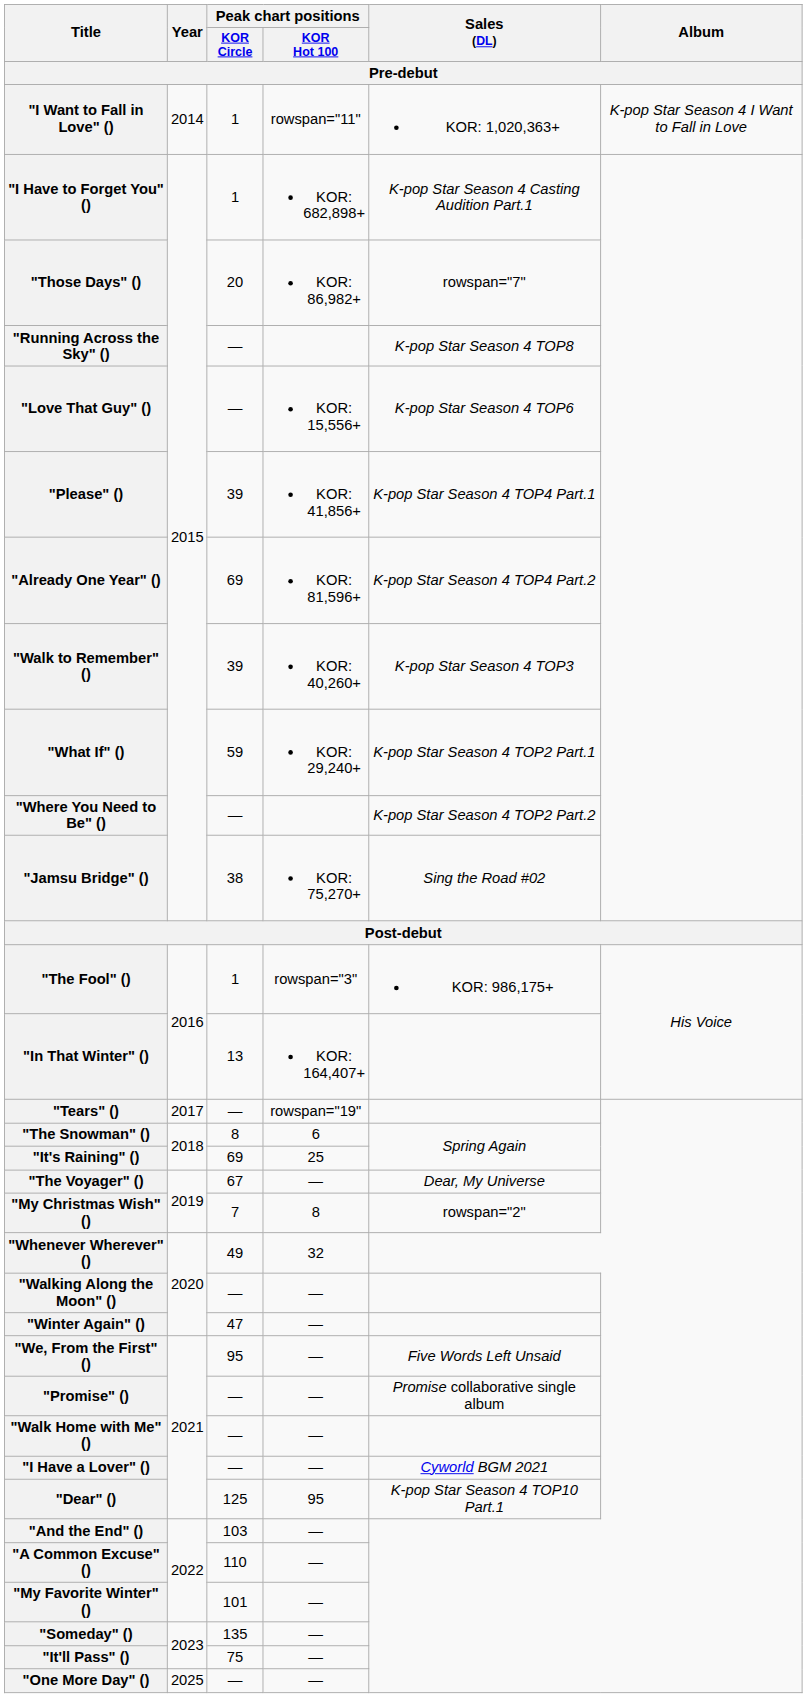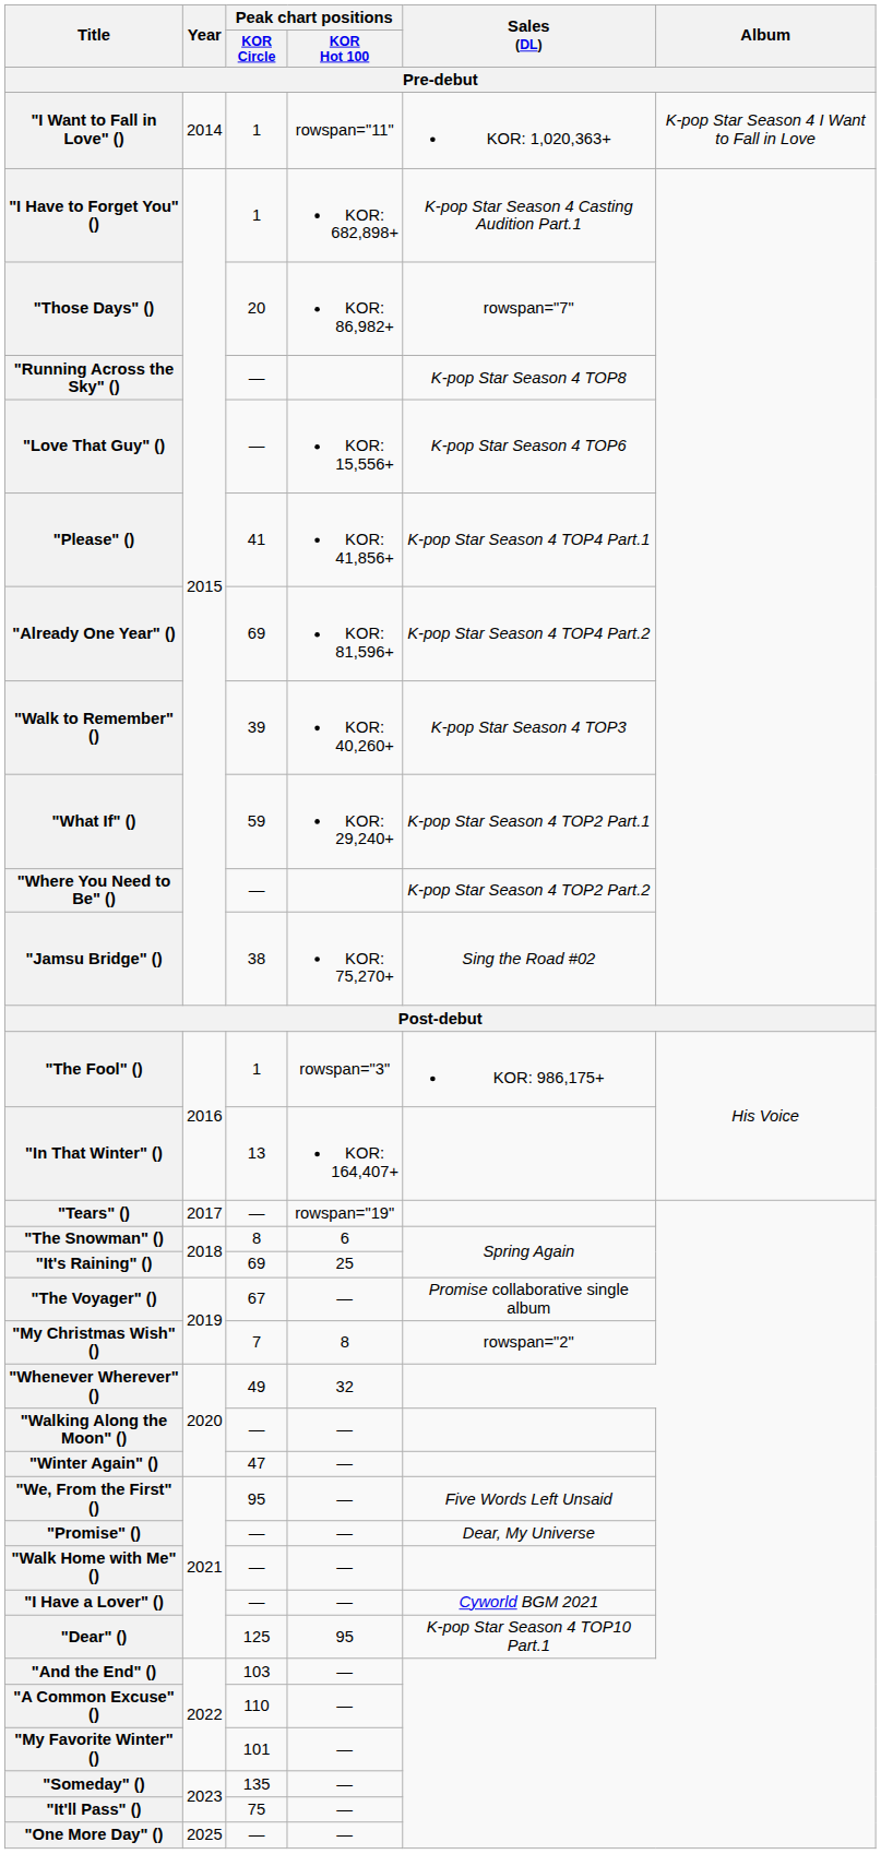 <table class="wikitable plainrowheaders" style="text-align:center;">
 <tr>
 <th scope="col" rowspan="2">Title</th>
 <th scope="col" rowspan="2">Year</th>
 <th scope="col" colspan="2" style="width:8em;">Peak chart positions</th>
 <th scope="col" rowspan="2">Sales<br><small>(<a href='#'>DL</a>)</small></th>
 <th scope="col" rowspan="2">Album</th>
 </tr>
 <tr>
 <th scope="col" style="width:4em;font-size:85%;"><a href='#'>KOR<br>Circle</a><br></th>
 <th scope="col" style="width:4em;font-size:85%;"><a href='#'>KOR<br>Hot 100</a><br></th>
 </tr>
 <tr>
 <th colspan="9">Pre-debut</th>
 </tr>
 <tr>
 <th scope="row">"I Want to Fall in Love" ()</th>
 <td>2014</td>
 <td>1</td>
 <td>rowspan="11" </td>
 <td><br><ul><li>KOR: 1,020,363+</li></ul></td>
 <td><em>K-pop Star Season 4 I Want to Fall in Love</em></td>
 </tr>
 <tr>
 <th scope="row">"I Have to Forget You" ()<br></th>
 <td rowspan="10">2015</td>
 <td>1</td>
 <td><br><ul><li>KOR: 682,898+</li></ul></td>
 <td><em>K-pop Star Season 4 Casting Audition Part.1</em></td>
 </tr>
 <tr>
 <th scope="row">"Those Days" ()</th>
 <td>20</td>
 <td><br><ul><li>KOR: 86,982+</li></ul></td>
 <td>rowspan="7" </td>
 </tr>
 <tr>
 <th scope="row">"Running Across the Sky" ()</th>
 <td>—</td>
 <td></td>
 <td><em>K-pop Star Season 4 TOP8</em></td>
 </tr>
 <tr>
 <th scope="row">"Love That Guy" ()</th>
 <td>—</td>
 <td><br><ul><li>KOR: 15,556+</li></ul></td>
 <td><em>K-pop Star Season 4 TOP6</em></td>
 </tr>
 <tr>
 <th scope="row">"Please" ()</th>
-<td>39</td>
+<td>41</td>
 <td><br><ul><li>KOR: 41,856+</li></ul></td>
 <td><em>K-pop Star Season 4 TOP4 Part.1</em></td>
 </tr>
 <tr>
 <th scope="row">"Already One Year" () </th>
 <td>69</td>
 <td><br><ul><li>KOR: 81,596+</li></ul></td>
 <td><em>K-pop Star Season 4 TOP4 Part.2</em></td>
 </tr>
 <tr>
 <th scope="row">"Walk to Remember" ()</th>
 <td>39</td>
 <td><br><ul><li>KOR: 40,260+</li></ul></td>
 <td><em>K-pop Star Season 4 TOP3</em></td>
 </tr>
 <tr>
 <th scope="row">"What If" ()</th>
 <td>59</td>
 <td><br><ul><li>KOR: 29,240+</li></ul></td>
 <td><em>K-pop Star Season 4 TOP2 Part.1</em></td>
 </tr>
 <tr>
 <th scope="row">"Where You Need to Be" ()</th>
 <td>—</td>
 <td></td>
 <td><em>K-pop Star Season 4 TOP2 Part.2</em></td>
 </tr>
 <tr>
 <th scope="row">"Jamsu Bridge" () </th>
 <td>38</td>
 <td><br><ul><li>KOR: 75,270+</li></ul></td>
 <td><em>Sing the Road #02</em></td>
 </tr>
 <tr>
 <th colspan="9">Post-debut</th>
 </tr>
 <tr>
 <th scope="row">"The Fool" ()</th>
 <td rowspan="2">2016</td>
 <td>1</td>
 <td>rowspan="3" </td>
 <td><br><ul><li>KOR: 986,175+</li></ul></td>
 <td rowspan="2"><em>His Voice</em></td>
 </tr>
 <tr>
 <th scope="row">"In That Winter" ()</th>
 <td>13</td>
 <td><br><ul><li>KOR: 164,407+</li></ul></td>
 </tr>
 <tr>
 <th scope="row">"Tears" () </th>
 <td>2017</td>
 <td>—</td>
 <td>rowspan="19" </td>
 <td></td>
 </tr>
 <tr>
 <th scope="row">"The Snowman" ()</th>
 <td rowspan="2">2018</td>
 <td>8</td>
 <td>6</td>
 <td rowspan="2"><em>Spring Again</em></td>
 </tr>
 <tr>
 <th scope="row">"It's Raining" ()</th>
 <td>69</td>
 <td>25</td>
 </tr>
 <tr>
 <th scope="row">"The Voyager" ()</th>
 <td rowspan="2">2019</td>
 <td>67</td>
 <td>—</td>
-<td><em>Dear, My Universe</em></td>
+<td><em>Promise</em> collaborative single album</td>
 </tr>
 <tr>
 <th scope="row">"My Christmas Wish" ()</th>
 <td>7</td>
 <td>8</td>
 <td>rowspan="2" </td>
 </tr>
 <tr>
 <th scope="row">"Whenever Wherever" ()</th>
 <td rowspan="3">2020</td>
 <td>49</td>
 <td>32</td>
 </tr>
 <tr>
 <th scope="row">"Walking Along the Moon" ()</th>
 <td>—</td>
 <td>—</td>
 <td></td>
 </tr>
 <tr>
 <th scope="row">"Winter Again" ()</th>
 <td>47</td>
 <td>—</td>
 <td></td>
 </tr>
 <tr>
 <th scope="row">"We, From the First" ()</th>
 <td rowspan="5">2021</td>
 <td>95</td>
 <td>—</td>
 <td><em>Five Words Left Unsaid</em></td>
 </tr>
 <tr>
 <th scope="row">"Promise" ()</th>
 <td>—</td>
 <td>—</td>
-<td><em>Promise</em> collaborative single album</td>
+<td><em>Dear, My Universe</em></td>
 </tr>
 <tr>
 <th scope="row">"Walk Home with Me" ()</th>
 <td>—</td>
 <td>—</td>
 <td></td>
 </tr>
 <tr>
 <th scope="row">"I Have a Lover" () </th>
 <td>—</td>
 <td>—</td>
 <td><em><a href='#'>Cyworld</a> BGM 2021</em></td>
 </tr>
 <tr>
 <th scope="row">"Dear" ()</th>
 <td>125</td>
 <td>95</td>
 <td><em>K-pop Star Season 4 TOP10 Part.1</em></td>
 </tr>
 <tr>
 <th scope="row">"And the End" ()</th>
 <td rowspan="3">2022</td>
 <td>103</td>
 <td>—</td>
 </tr>
 <tr>
 <th scope="row">"A Common Excuse" ()</th>
 <td>110</td>
 <td>—</td>
 </tr>
 <tr>
 <th scope="row">"My Favorite Winter" ()</th>
 <td>101</td>
 <td>—</td>
 </tr>
 <tr>
 <th scope="row">"Someday" ()</th>
 <td rowspan="2">2023</td>
 <td>135</td>
 <td>—</td>
 </tr>
 <tr>
 <th scope="row">"It'll Pass" () </th>
 <td>75</td>
 <td>—</td>
 </tr>
 <tr>
 <th scope="row">"One More Day" ()</th>
 <td>2025</td>
 <td>—</td>
 <td>—</td>
 </tr>
 </table>
